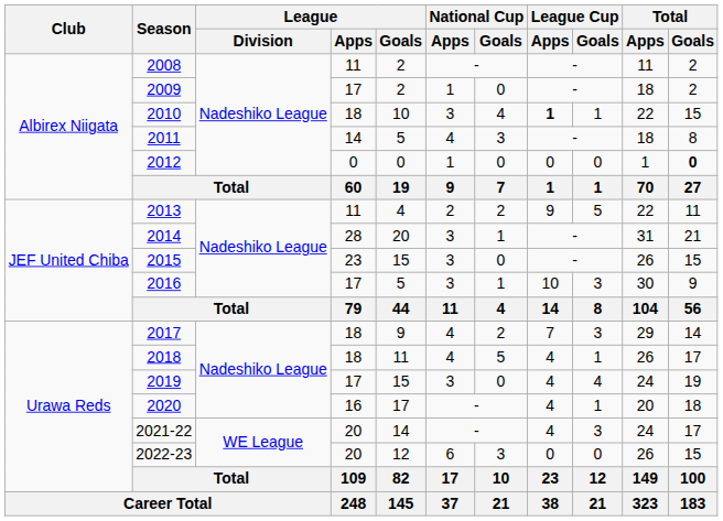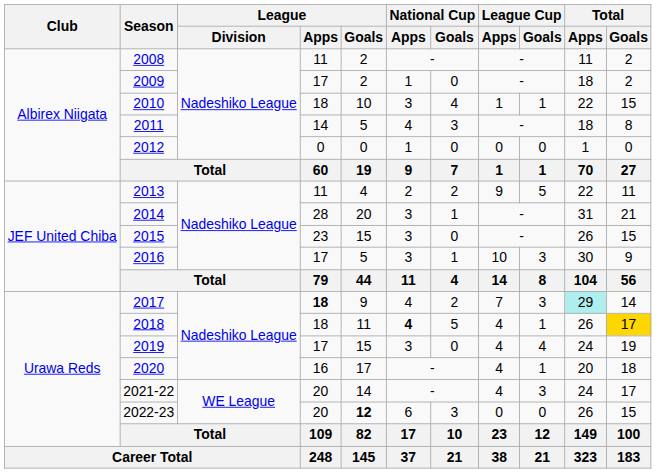 <table class="wikitable" style="text-align:center">
 <tr>
 <th rowspan="2">Club</th>
 <th rowspan="2">Season</th>
 <th colspan="3">League</th>
 <th colspan="2">National Cup</th>
 <th colspan="2">League Cup</th>
 <th colspan="2">Total</th>
 </tr>
 <tr>
 <th>Division</th>
 <th>Apps</th>
 <th>Goals</th>
 <th>Apps</th>
 <th>Goals</th>
 <th>Apps</th>
 <th>Goals</th>
 <th>Apps</th>
 <th>Goals</th>
 </tr>
 <tr>
 <td rowspan="6"><a href='#'>Albirex Niigata</a></td>
 <td><a href='#'>2008</a></td>
 <td rowspan="5"><a href='#'>Nadeshiko League</a></td>
 <td>11</td>
 <td>2</td>
 <td colspan="2">-</td>
 <td colspan="2">-</td>
 <td>11</td>
 <td>2</td>
 </tr>
 <tr>
 <td><a href='#'>2009</a></td>
 <td>17</td>
 <td>2</td>
 <td>1</td>
 <td>0</td>
 <td colspan="2">-</td>
 <td>18</td>
 <td>2</td>
 </tr>
 <tr>
 <td><a href='#'>2010</a></td>
 <td>18</td>
 <td>10</td>
 <td>3</td>
 <td>4</td>
-<td><strong>1</strong></td>
+<td>1</td>
 <td>1</td>
 <td>22</td>
 <td>15</td>
 </tr>
 <tr>
 <td><a href='#'>2011</a></td>
 <td>14</td>
 <td>5</td>
 <td>4</td>
 <td>3</td>
 <td colspan="2">-</td>
 <td>18</td>
 <td>8</td>
 </tr>
 <tr>
 <td><a href='#'>2012</a></td>
 <td>0</td>
 <td>0</td>
 <td>1</td>
 <td>0</td>
 <td>0</td>
 <td>0</td>
 <td>1</td>
-<td><strong>0</strong></td>
+<td>0</td>
 </tr>
 <tr>
 <th colspan="2">Total</th>
 <th>60</th>
 <th>19</th>
 <th>9</th>
 <th>7</th>
 <th>1</th>
 <th>1</th>
 <th>70</th>
 <th>27</th>
 </tr>
 <tr>
 <td rowspan="5"><a href='#'>JEF United Chiba</a></td>
 <td><a href='#'>2013</a></td>
 <td rowspan="4"><a href='#'>Nadeshiko League</a></td>
 <td>11</td>
 <td>4</td>
 <td>2</td>
 <td>2</td>
 <td>9</td>
 <td>5</td>
 <td>22</td>
 <td>11</td>
 </tr>
 <tr>
 <td><a href='#'>2014</a></td>
 <td>28</td>
 <td>20</td>
 <td>3</td>
 <td>1</td>
 <td colspan="2">-</td>
 <td>31</td>
 <td>21</td>
 </tr>
 <tr>
 <td><a href='#'>2015</a></td>
 <td>23</td>
 <td>15</td>
 <td>3</td>
 <td>0</td>
 <td colspan="2">-</td>
 <td>26</td>
 <td>15</td>
 </tr>
 <tr>
 <td><a href='#'>2016</a></td>
 <td>17</td>
 <td>5</td>
 <td>3</td>
 <td>1</td>
 <td>10</td>
 <td>3</td>
 <td>30</td>
 <td>9</td>
 </tr>
 <tr>
 <th colspan="2">Total</th>
 <th>79</th>
 <th>44</th>
 <th>11</th>
 <th>4</th>
 <th>14</th>
 <th>8</th>
 <th>104</th>
 <th>56</th>
 </tr>
 <tr>
 <td rowspan="7"><a href='#'>Urawa Reds</a></td>
 <td><a href='#'>2017</a></td>
 <td rowspan="4"><a href='#'>Nadeshiko League</a></td>
-<td>18</td>
+<td><strong>18</strong></td>
 <td>9</td>
 <td>4</td>
 <td>2</td>
 <td>7</td>
 <td>3</td>
-<td>29</td>
+<td style="background: paleturquoise;">29</td>
 <td>14</td>
 </tr>
 <tr>
 <td><a href='#'>2018</a></td>
 <td>18</td>
 <td>11</td>
-<td>4</td>
+<td><strong>4</strong></td>
 <td>5</td>
 <td>4</td>
 <td>1</td>
 <td>26</td>
-<td>17</td>
+<td style="background: gold;">17</td>
 </tr>
 <tr>
 <td><a href='#'>2019</a></td>
 <td>17</td>
 <td>15</td>
 <td>3</td>
 <td>0</td>
 <td>4</td>
 <td>4</td>
 <td>24</td>
 <td>19</td>
 </tr>
 <tr>
 <td><a href='#'>2020</a></td>
 <td>16</td>
 <td>17</td>
 <td colspan="2">-</td>
 <td>4</td>
 <td>1</td>
 <td>20</td>
 <td>18</td>
 </tr>
 <tr>
 <td>2021-22</td>
 <td rowspan="2"><a href='#'>WE League</a></td>
 <td>20</td>
 <td>14</td>
 <td colspan="2">-</td>
 <td>4</td>
 <td>3</td>
 <td>24</td>
 <td>17</td>
 </tr>
 <tr>
 <td>2022-23</td>
 <td>20</td>
-<td>12</td>
+<td><strong>12</strong></td>
 <td>6</td>
 <td>3</td>
 <td>0</td>
 <td>0</td>
 <td>26</td>
 <td>15</td>
 </tr>
 <tr>
 <th colspan="2">Total</th>
 <th>109</th>
 <th>82</th>
 <th>17</th>
 <th>10</th>
 <th>23</th>
 <th>12</th>
 <th>149</th>
 <th>100</th>
 </tr>
 <tr>
 <th colspan="3">Career Total</th>
 <th>248</th>
 <th>145</th>
 <th>37</th>
 <th>21</th>
 <th>38</th>
 <th>21</th>
 <th>323</th>
 <th>183</th>
 </tr>
 </table>
